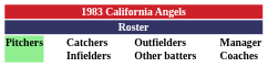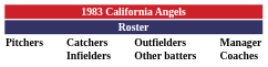 <table class="toccolours" style="font-size: 95%;">
 <tr>
 <th colspan="10" style="background-color: #CE2029; color: #FFFFFF; text-align: center;">1983 California Angels</th>
 </tr>
 <tr>
 <td colspan="10" style="background-color:#333366; color: white; text-align: center;"><strong>Roster</strong></td>
 </tr>
 <tr>
-<td valign="top" style="background: lightgreen;"><strong>Pitchers</strong><br>               </td>
+<td valign="top"><strong>Pitchers</strong><br>               </td>
 <td width="25px"></td>
 <td valign="top"><strong>Catchers</strong><br>    <strong>Infielders</strong>           </td>
 <td width="25px"></td>
 <td valign="top"><strong>Outfielders</strong><br>       <strong>Other batters</strong> </td>
 <td width="25px"></td>
 <td valign="top"><strong>Manager</strong><br> <strong>Coaches</strong>     </td>
 </tr>
 </table>
